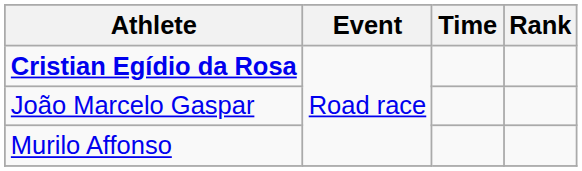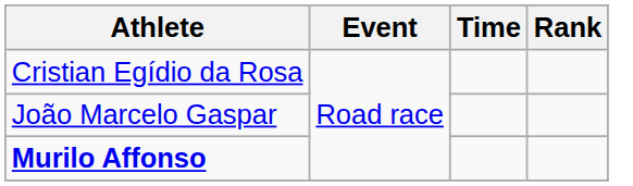 <table class="wikitable" style="font-size:90%">
 <tr>
 <th>Athlete</th>
 <th>Event</th>
 <th>Time</th>
 <th>Rank</th>
 </tr>
 <tr>
-<td><strong><a href='#'>Cristian Egídio da Rosa</a></strong></td>
+<td><a href='#'>Cristian Egídio da Rosa</a></td>
 <td align=center rowspan=3><a href='#'>Road race</a></td>
 <td align=center></td>
 <td align=center></td>
 </tr>
 <tr>
 <td><a href='#'>João Marcelo Gaspar</a></td>
 <td align=center></td>
 <td align=center></td>
 </tr>
 <tr>
-<td><a href='#'>Murilo Affonso</a></td>
+<td><strong><a href='#'>Murilo Affonso</a></strong></td>
 <td align=center></td>
 <td align=center></td>
 </tr>
 </table>
